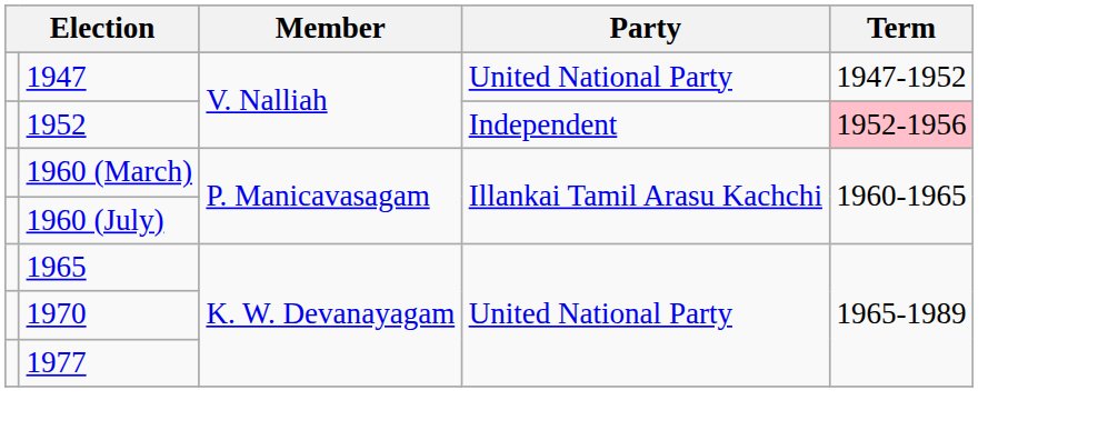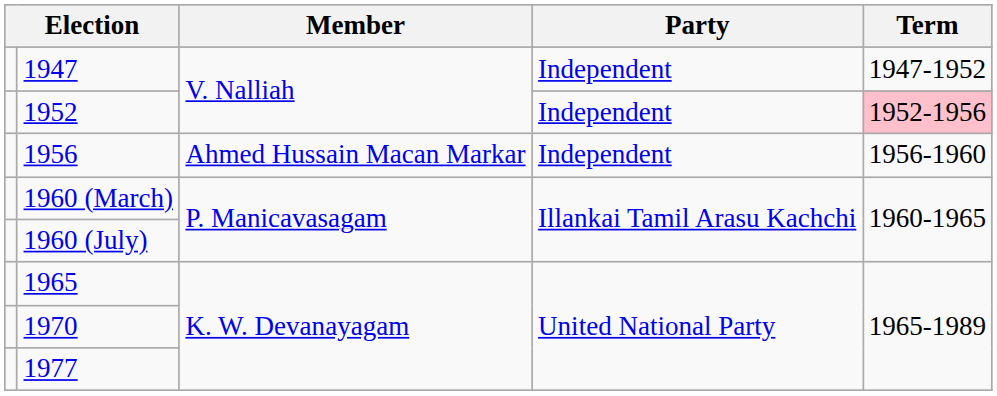 <table class="wikitable">
 <tr>
 <th colspan="2">Election</th>
 <th>Member</th>
 <th>Party</th>
 <th>Term</th>
 </tr>
 <tr>
 <td style="background-color: "></td>
 <td><a href='#'>1947</a></td>
 <td rowspan ="2"><a href='#'>V. Nalliah</a></td>
-<td><a href='#'>United National Party</a></td>
+<td><a href='#'>Independent</a></td>
 <td>1947-1952</td>
 </tr>
 <tr>
 <td style="background-color: "></td>
 <td><a href='#'>1952</a></td>
 <td><a href='#'>Independent</a></td>
 <td style="background: pink;">1952-1956</td>
+</tr>
+<tr>
+<td style="background-color: "></td>
+<td><a href='#'>1956</a></td>
+<td><a href='#'>Ahmed Hussain Macan Markar</a></td>
+<td><a href='#'>Independent</a></td>
+<td>1956-1960</td>
 </tr>
 <tr>
 <td style="background-color: "></td>
 <td><a href='#'>1960 (March)</a></td>
 <td rowspan ="2"><a href='#'>P. Manicavasagam</a></td>
 <td rowspan ="2"><a href='#'>Illankai Tamil Arasu Kachchi</a></td>
 <td rowspan ="2">1960-1965</td>
 </tr>
 <tr>
 <td style="background-color: "></td>
 <td><a href='#'>1960 (July)</a></td>
 </tr>
 <tr>
 <td style="background-color: "></td>
 <td><a href='#'>1965</a></td>
 <td rowspan ="3"><a href='#'>K. W. Devanayagam</a></td>
 <td rowspan ="3"><a href='#'>United National Party</a></td>
 <td rowspan ="3">1965-1989</td>
 </tr>
 <tr>
 <td style="background-color: "></td>
 <td><a href='#'>1970</a></td>
 </tr>
 <tr>
 <td style="background-color: "></td>
 <td><a href='#'>1977</a></td>
 </tr>
 </table>
